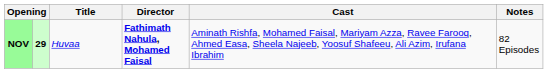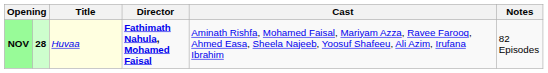 <table class="wikitable plainrowheaders" width="100%">
 <tr>
 <th scope="col" colspan="2" width=4%>Opening</th>
 <th scope="col" width=13%>Title</th>
 <th scope="col" width=12%>Director</th>
 <th scope="col" width=55%>Cast</th>
 <th scope="col" width=8%>Notes</th>
 </tr>
 <tr>
 <td style="text-align:center; background:#98fb98; textcolor:#000;"><strong>NOV</strong></td>
-<td style="text-align:center; textcolor:#000; background:#cdfecd;"><strong>29</strong></td>
-<td><em><a href='#'>Huvaa</a></em></td>
+<td style="text-align:center; textcolor:#000; background:#cdfecd;"><strong>28</strong></td>
+<td style="background: lightyellow;"><em><a href='#'>Huvaa</a></em></td>
 <td><strong><a href='#'>Fathimath Nahula</a>,<br><a href='#'>Mohamed Faisal</a></strong></td>
 <td><a href='#'>Aminath Rishfa</a>, <a href='#'>Mohamed Faisal</a>, <a href='#'>Mariyam Azza</a>, <a href='#'>Ravee Farooq</a>, <a href='#'>Ahmed Easa</a>, <a href='#'>Sheela Najeeb</a>, <a href='#'>Yoosuf Shafeeu</a>, <a href='#'>Ali Azim</a>, <a href='#'>Irufana Ibrahim</a></td>
 <td>82 Episodes</td>
 </tr>
 </table>
